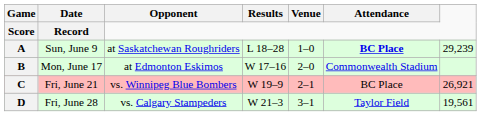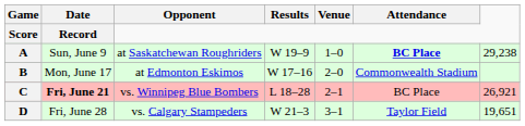 <table class="wikitable" style="text-align:center">
 <tr>
 <th>Game</th>
 <th>Date</th>
 <th>Opponent</th>
 <th>Results</th>
 <th>Venue</th>
 <th>Attendance</th>
 </tr>
 <tr>
 <th>Score</th>
 <th>Record</th>
 </tr>
 <tr style="background:#ddffdd">
 <th>A</th>
 <td>Sun, June 9</td>
 <td>at <a href='#'>Saskatchewan Roughriders</a></td>
-<td>L 18–28</td>
+<td>W 19–9</td>
 <td>1–0</td>
 <td><strong><a href='#'>BC Place</a></strong></td>
-<td>29,239</td>
+<td>29,238</td>
 </tr>
 <tr style="background:#ddffdd">
 <th>B</th>
 <td>Mon, June 17</td>
 <td>at <a href='#'>Edmonton Eskimos</a></td>
 <td>W 17–16</td>
 <td>2–0</td>
 <td><a href='#'>Commonwealth Stadium</a></td>
 <td></td>
 </tr>
 <tr style="background:#ffbbbb">
 <th>C</th>
-<td>Fri, June 21</td>
+<td><strong>Fri, June 21</strong></td>
 <td>vs. <a href='#'>Winnipeg Blue Bombers</a></td>
-<td>W 19–9</td>
+<td>L 18–28</td>
 <td>2–1</td>
 <td>BC Place</td>
 <td>26,921</td>
 </tr>
 <tr style="background:#ddffdd">
 <th>D</th>
 <td>Fri, June 28</td>
 <td>vs. <a href='#'>Calgary Stampeders</a></td>
 <td>W 21–3</td>
 <td>3–1</td>
 <td><a href='#'>Taylor Field</a></td>
-<td>19,561</td>
+<td>19,651</td>
 </tr>
 </table>
